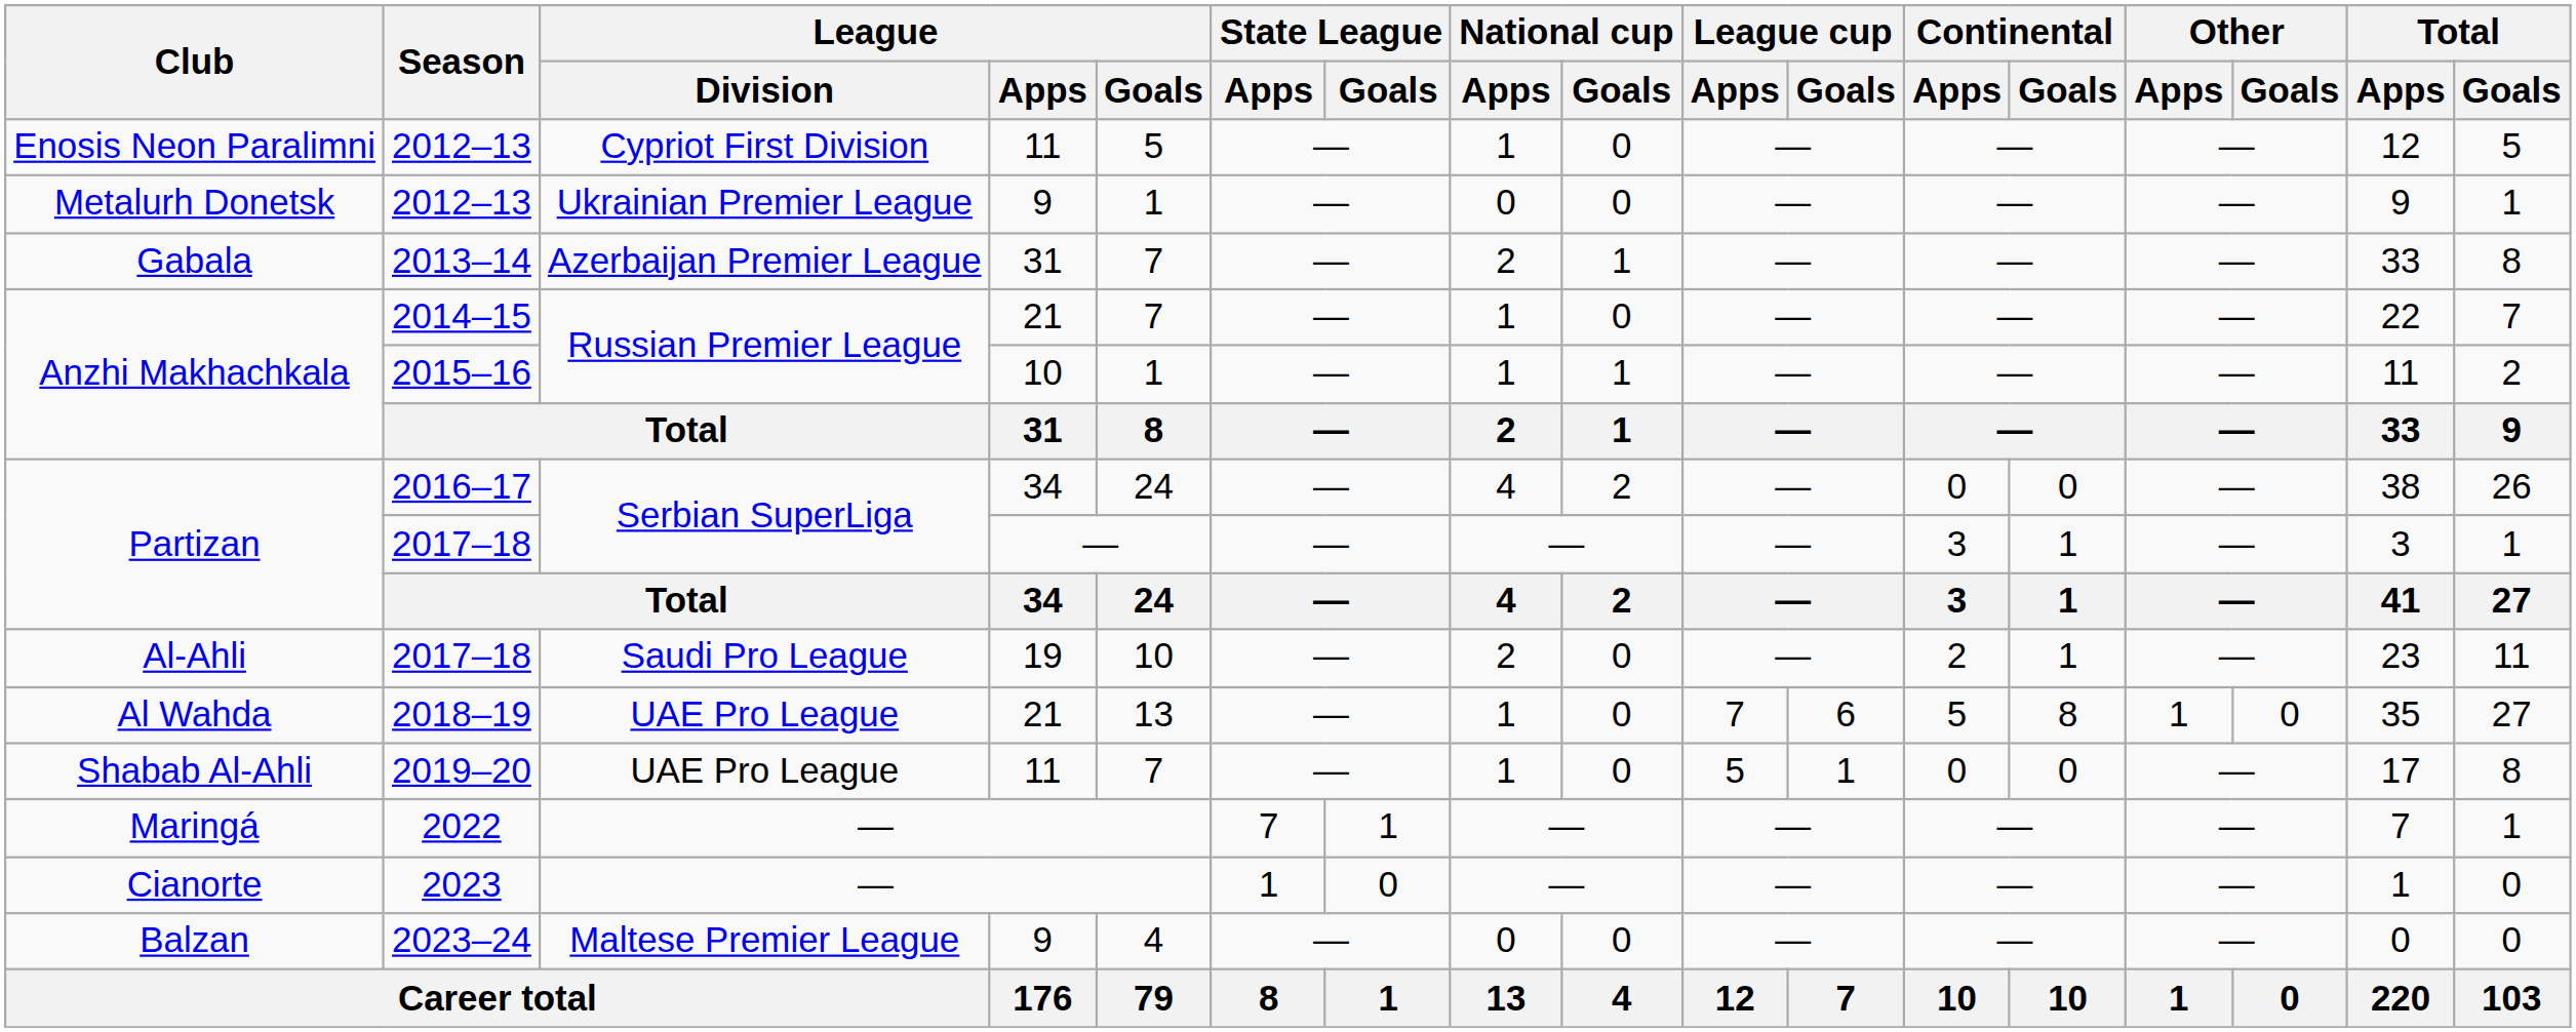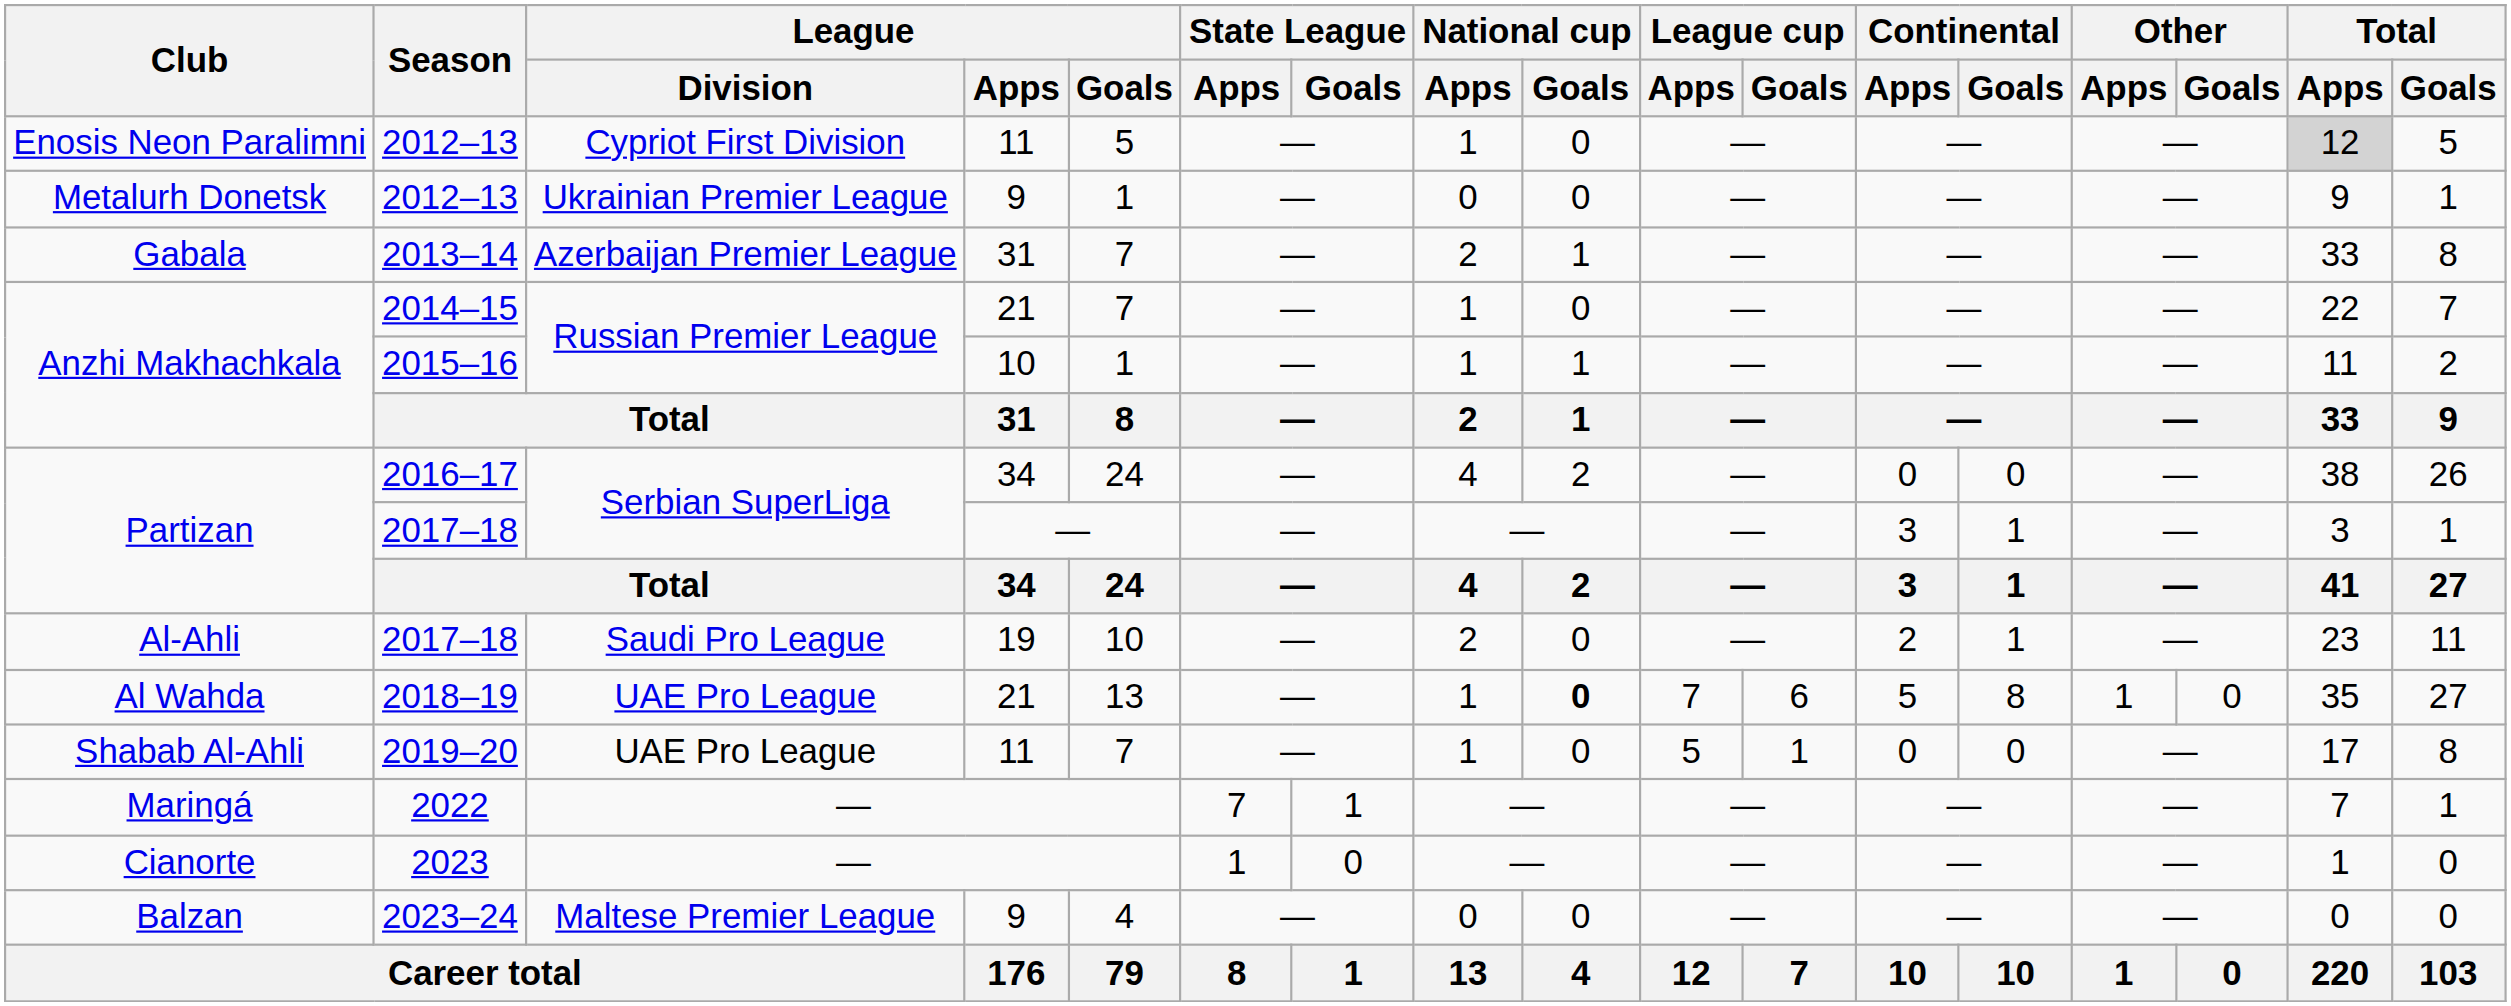 <table class="wikitable" style="text-align:center">
 <tr>
 <th rowspan="2">Club</th>
 <th rowspan="2">Season</th>
 <th colspan="3">League</th>
 <th colspan="2">State League</th>
 <th colspan="2">National cup</th>
 <th colspan="2">League cup</th>
 <th colspan="2">Continental</th>
 <th colspan="2">Other</th>
 <th colspan="2">Total</th>
 </tr>
 <tr>
 <th>Division</th>
 <th>Apps</th>
 <th>Goals</th>
 <th>Apps</th>
 <th>Goals</th>
 <th>Apps</th>
 <th>Goals</th>
 <th>Apps</th>
 <th>Goals</th>
 <th>Apps</th>
 <th>Goals</th>
 <th>Apps</th>
 <th>Goals</th>
 <th>Apps</th>
 <th>Goals</th>
 </tr>
 <tr>
 <td><a href='#'>Enosis Neon Paralimni</a></td>
 <td><a href='#'>2012–13</a></td>
 <td><a href='#'>Cypriot First Division</a></td>
 <td>11</td>
 <td>5</td>
 <td colspan="2">—</td>
 <td>1</td>
 <td>0</td>
 <td colspan="2">—</td>
 <td colspan="2">—</td>
 <td colspan="2">—</td>
-<td>12</td>
+<td style="background: lightgrey;">12</td>
 <td>5</td>
 </tr>
 <tr>
 <td><a href='#'>Metalurh Donetsk</a></td>
 <td><a href='#'>2012–13</a></td>
 <td><a href='#'>Ukrainian Premier League</a></td>
 <td>9</td>
 <td>1</td>
 <td colspan="2">—</td>
 <td>0</td>
 <td>0</td>
 <td colspan="2">—</td>
 <td colspan="2">—</td>
 <td colspan="2">—</td>
 <td>9</td>
 <td>1</td>
 </tr>
 <tr>
 <td><a href='#'>Gabala</a></td>
 <td><a href='#'>2013–14</a></td>
 <td><a href='#'>Azerbaijan Premier League</a></td>
 <td>31</td>
 <td>7</td>
 <td colspan="2">—</td>
 <td>2</td>
 <td>1</td>
 <td colspan="2">—</td>
 <td colspan="2">—</td>
 <td colspan="2">—</td>
 <td>33</td>
 <td>8</td>
 </tr>
 <tr>
 <td rowspan="3"><a href='#'>Anzhi Makhachkala</a></td>
 <td><a href='#'>2014–15</a></td>
 <td rowspan="2"><a href='#'>Russian Premier League</a></td>
 <td>21</td>
 <td>7</td>
 <td colspan="2">—</td>
 <td>1</td>
 <td>0</td>
 <td colspan="2">—</td>
 <td colspan="2">—</td>
 <td colspan="2">—</td>
 <td>22</td>
 <td>7</td>
 </tr>
 <tr>
 <td><a href='#'>2015–16</a></td>
 <td>10</td>
 <td>1</td>
 <td colspan="2">—</td>
 <td>1</td>
 <td>1</td>
 <td colspan="2">—</td>
 <td colspan="2">—</td>
 <td colspan="2">—</td>
 <td>11</td>
 <td>2</td>
 </tr>
 <tr>
 <th colspan="2">Total</th>
 <th>31</th>
 <th>8</th>
 <th colspan="2">—</th>
 <th>2</th>
 <th>1</th>
 <th colspan="2">—</th>
 <th colspan="2">—</th>
 <th colspan="2">—</th>
 <th>33</th>
 <th>9</th>
 </tr>
 <tr>
 <td rowspan="3"><a href='#'>Partizan</a></td>
 <td><a href='#'>2016–17</a></td>
 <td rowspan="2"><a href='#'>Serbian SuperLiga</a></td>
 <td>34</td>
 <td>24</td>
 <td colspan="2">—</td>
 <td>4</td>
 <td>2</td>
 <td colspan="2">—</td>
 <td>0</td>
 <td>0</td>
 <td colspan="2">—</td>
 <td>38</td>
 <td>26</td>
 </tr>
 <tr>
 <td><a href='#'>2017–18</a></td>
 <td colspan="2">—</td>
 <td colspan="2">—</td>
 <td colspan="2">—</td>
 <td colspan="2">—</td>
 <td>3</td>
 <td>1</td>
 <td colspan="2">—</td>
 <td>3</td>
 <td>1</td>
 </tr>
 <tr>
 <th colspan="2">Total</th>
 <th>34</th>
 <th>24</th>
 <th colspan="2">—</th>
 <th>4</th>
 <th>2</th>
 <th colspan="2">—</th>
 <th>3</th>
 <th>1</th>
 <th colspan="2">—</th>
 <th>41</th>
 <th>27</th>
 </tr>
 <tr>
 <td><a href='#'>Al-Ahli</a></td>
 <td><a href='#'>2017–18</a></td>
 <td><a href='#'>Saudi Pro League</a></td>
 <td>19</td>
 <td>10</td>
 <td colspan="2">—</td>
 <td>2</td>
 <td>0</td>
 <td colspan="2">—</td>
 <td>2</td>
 <td>1</td>
 <td colspan="2">—</td>
 <td>23</td>
 <td>11</td>
 </tr>
 <tr>
 <td><a href='#'>Al Wahda</a></td>
 <td><a href='#'>2018–19</a></td>
 <td><a href='#'>UAE Pro League</a></td>
 <td>21</td>
 <td>13</td>
 <td colspan="2">—</td>
 <td>1</td>
-<td>0</td>
+<td><strong>0</strong></td>
 <td>7</td>
 <td>6</td>
 <td>5</td>
 <td>8</td>
 <td>1</td>
 <td>0</td>
 <td>35</td>
 <td>27</td>
 </tr>
 <tr>
 <td><a href='#'>Shabab Al-Ahli</a></td>
 <td><a href='#'>2019–20</a></td>
 <td>UAE Pro League</td>
 <td>11</td>
 <td>7</td>
 <td colspan="2">—</td>
 <td>1</td>
 <td>0</td>
 <td>5</td>
 <td>1</td>
 <td>0</td>
 <td>0</td>
 <td colspan="2">—</td>
 <td>17</td>
 <td>8</td>
 </tr>
 <tr>
 <td><a href='#'>Maringá</a></td>
 <td><a href='#'>2022</a></td>
 <td colspan="3">—</td>
 <td>7</td>
 <td>1</td>
 <td colspan="2">—</td>
 <td colspan="2">—</td>
 <td colspan="2">—</td>
 <td colspan="2">—</td>
 <td>7</td>
 <td>1</td>
 </tr>
 <tr>
 <td><a href='#'>Cianorte</a></td>
 <td><a href='#'>2023</a></td>
 <td colspan="3">—</td>
 <td>1</td>
 <td>0</td>
 <td colspan="2">—</td>
 <td colspan="2">—</td>
 <td colspan="2">—</td>
 <td colspan="2">—</td>
 <td>1</td>
 <td>0</td>
 </tr>
 <tr>
 <td><a href='#'>Balzan</a></td>
 <td><a href='#'>2023–24</a></td>
 <td><a href='#'>Maltese Premier League</a></td>
 <td>9</td>
 <td>4</td>
 <td colspan="2">—</td>
 <td>0</td>
 <td>0</td>
 <td colspan="2">—</td>
 <td colspan="2">—</td>
 <td colspan="2">—</td>
 <td>0</td>
 <td>0</td>
 </tr>
 <tr>
 <th colspan="3">Career total</th>
 <th>176</th>
 <th>79</th>
 <th>8</th>
 <th>1</th>
 <th>13</th>
 <th>4</th>
 <th>12</th>
 <th>7</th>
 <th>10</th>
 <th>10</th>
 <th>1</th>
 <th>0</th>
 <th>220</th>
 <th>103</th>
 </tr>
 </table>
